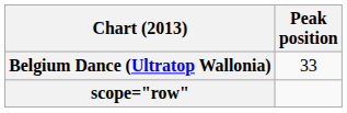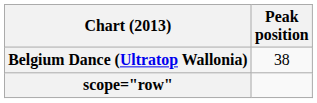 <table class="wikitable plainrowheaders sortable" style="text-align:center;">
 <tr>
 <th scope="col">Chart (2013)</th>
 <th scope="col">Peak<br>position</th>
 </tr>
 <tr>
 <th scope="row">Belgium Dance (<a href='#'>Ultratop</a> Wallonia)</th>
-<td>33</td>
+<td>38</td>
 </tr>
 <tr>
 <th>scope="row" </th>
 </tr>
 </table>
